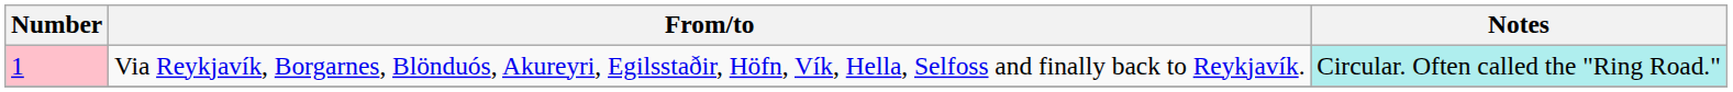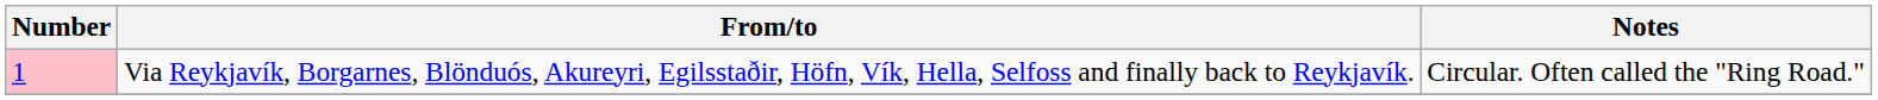 <table class="wikitable">
 <tr>
 <th>Number</th>
 <th>From/to</th>
 <th>Notes</th>
 </tr>
 <tr>
 <td style="background: pink;"><a href='#'>1</a></td>
 <td>Via <a href='#'>Reykjavík</a>, <a href='#'>Borgarnes</a>, <a href='#'>Blönduós</a>, <a href='#'>Akureyri</a>, <a href='#'>Egilsstaðir</a>, <a href='#'>Höfn</a>, <a href='#'>Vík</a>, <a href='#'>Hella</a>, <a href='#'>Selfoss</a> and finally back to <a href='#'>Reykjavík</a>.</td>
-<td style="background: paleturquoise;">Circular. Often called the "Ring Road."</td>
+<td>Circular. Often called the "Ring Road."</td>
 </tr>
 <tr>
 </tr>
 </table>
